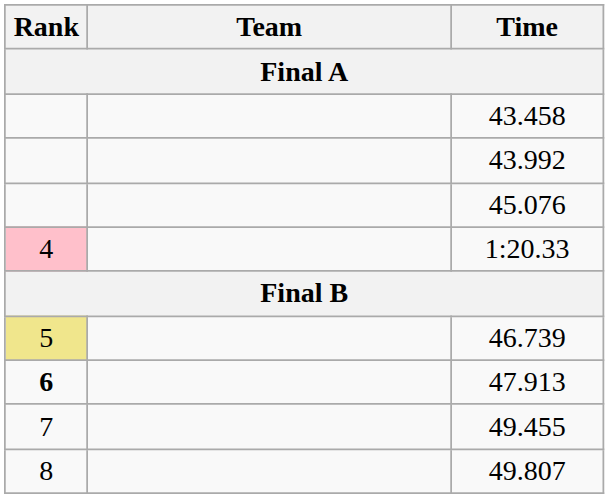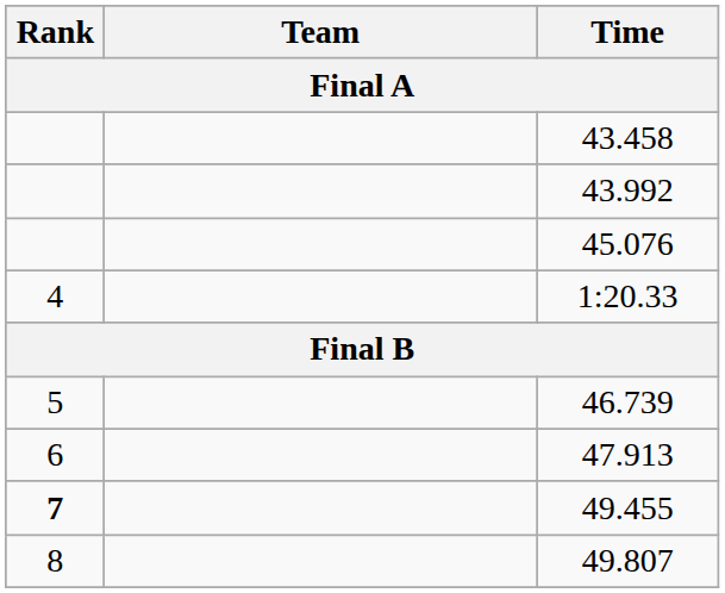 <table class=wikitable style="text-align:center">
 <tr>
 <th width=40>Rank</th>
 <th width=200>Team</th>
 <th width=80>Time</th>
 </tr>
 <tr>
 <th colspan=3>Final A</th>
 </tr>
 <tr>
 <td></td>
 <td align=left></td>
 <td>43.458</td>
 </tr>
 <tr>
 <td></td>
 <td align=left></td>
 <td>43.992</td>
 </tr>
 <tr>
 <td></td>
 <td align=left></td>
 <td>45.076</td>
 </tr>
 <tr>
-<td style="background: pink;">4</td>
+<td>4</td>
 <td align=left></td>
 <td>1:20.33</td>
 </tr>
 <tr>
 <th colspan=3>Final B</th>
 </tr>
 <tr>
-<td style="background: khaki;">5</td>
+<td>5</td>
 <td align=left></td>
 <td>46.739</td>
 </tr>
 <tr>
-<td><strong>6</strong></td>
+<td>6</td>
 <td align=left></td>
 <td>47.913</td>
 </tr>
 <tr>
-<td>7</td>
+<td><strong>7</strong></td>
 <td align=left></td>
 <td>49.455</td>
 </tr>
 <tr>
 <td>8</td>
 <td align=left></td>
 <td>49.807</td>
 </tr>
 </table>
